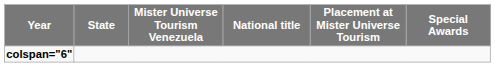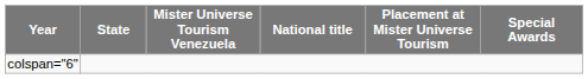 <table class="sortable" border="5" cellpadding="2" cellspacing="0" align=" 0 1em 0 0" style="background: #f9f9f9; border: 1px #aaa solid; border-collapse: collapse; font-size: 90%">
 <tr>
 <th width="60" style="background-color:#787878;color:#FFFFFF;">Year</th>
 <th width="150" style="background-color:#787878;color:#FFFFFF;">State</th>
 <th width="250" style="background-color:#787878;color:#FFFFFF;">Mister Universe Tourism Venezuela</th>
 <th width="250" style="background-color:#787878;color:#FFFFFF;">National title</th>
 <th width="250" style="background-color:#787878;color:#FFFFFF;">Placement at Mister Universe Tourism</th>
 <th width="250" style="background-color:#787878;color:#FFFFFF;">Special Awards</th>
 </tr>
 <tr>
-<td><strong>colspan="6" </strong></td>
+<td>colspan="6" </td>
 </tr>
 </table>
